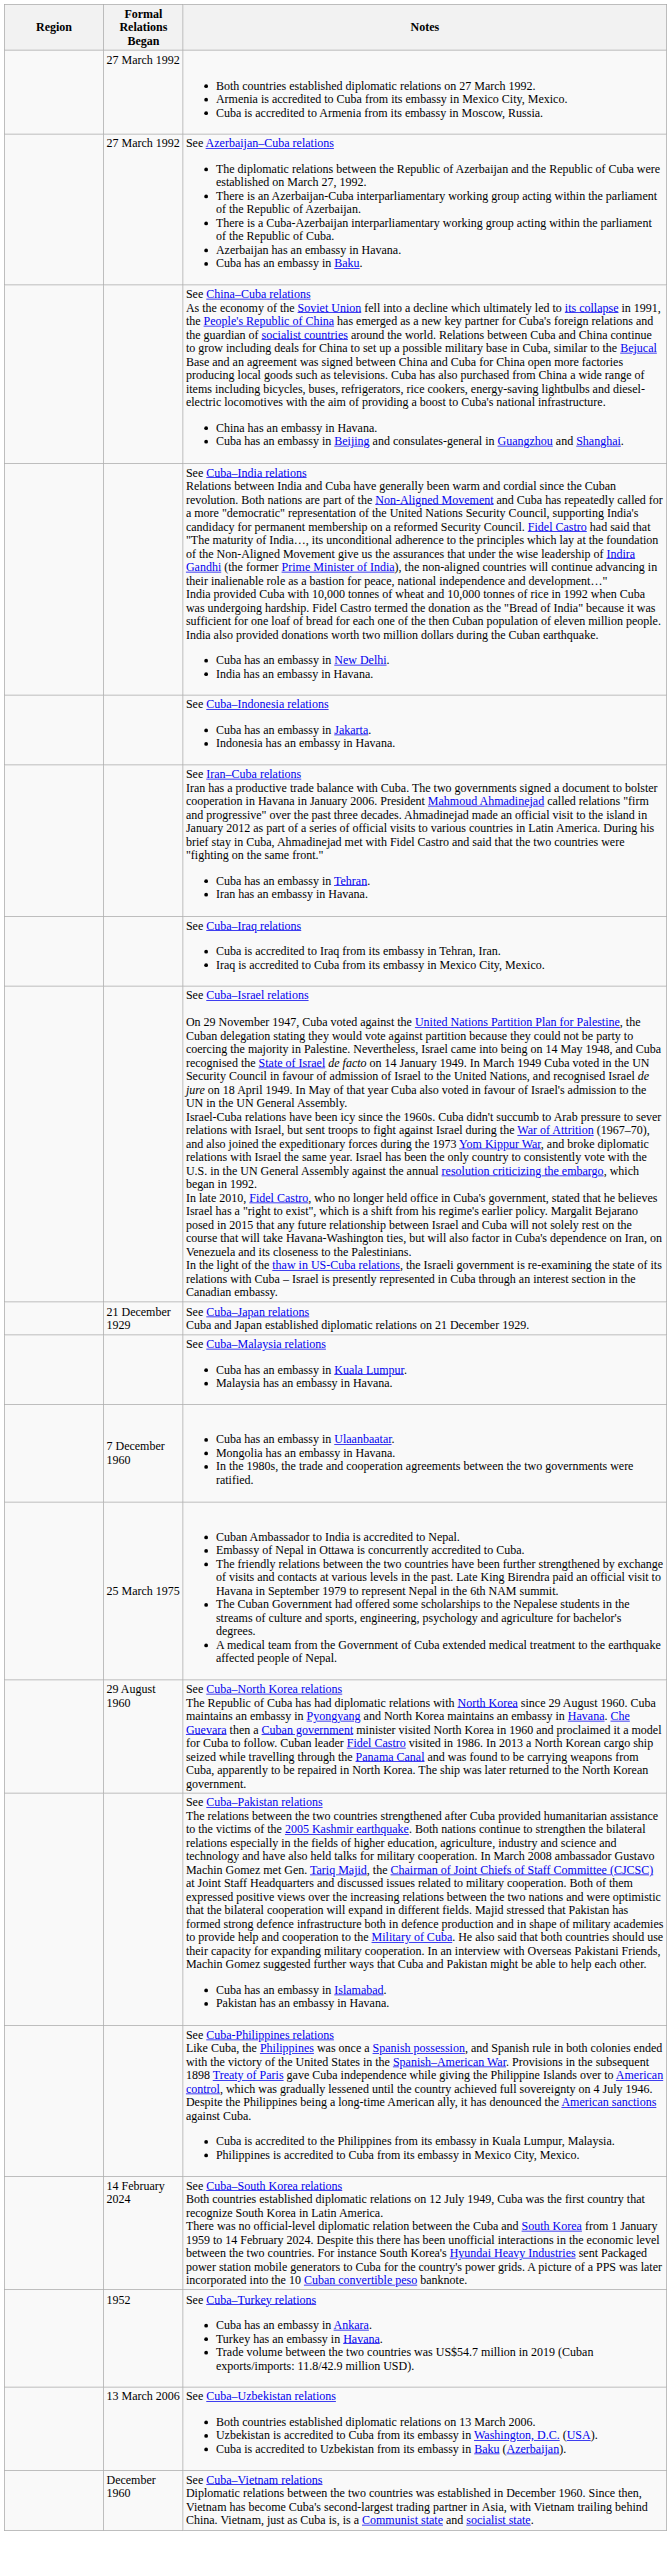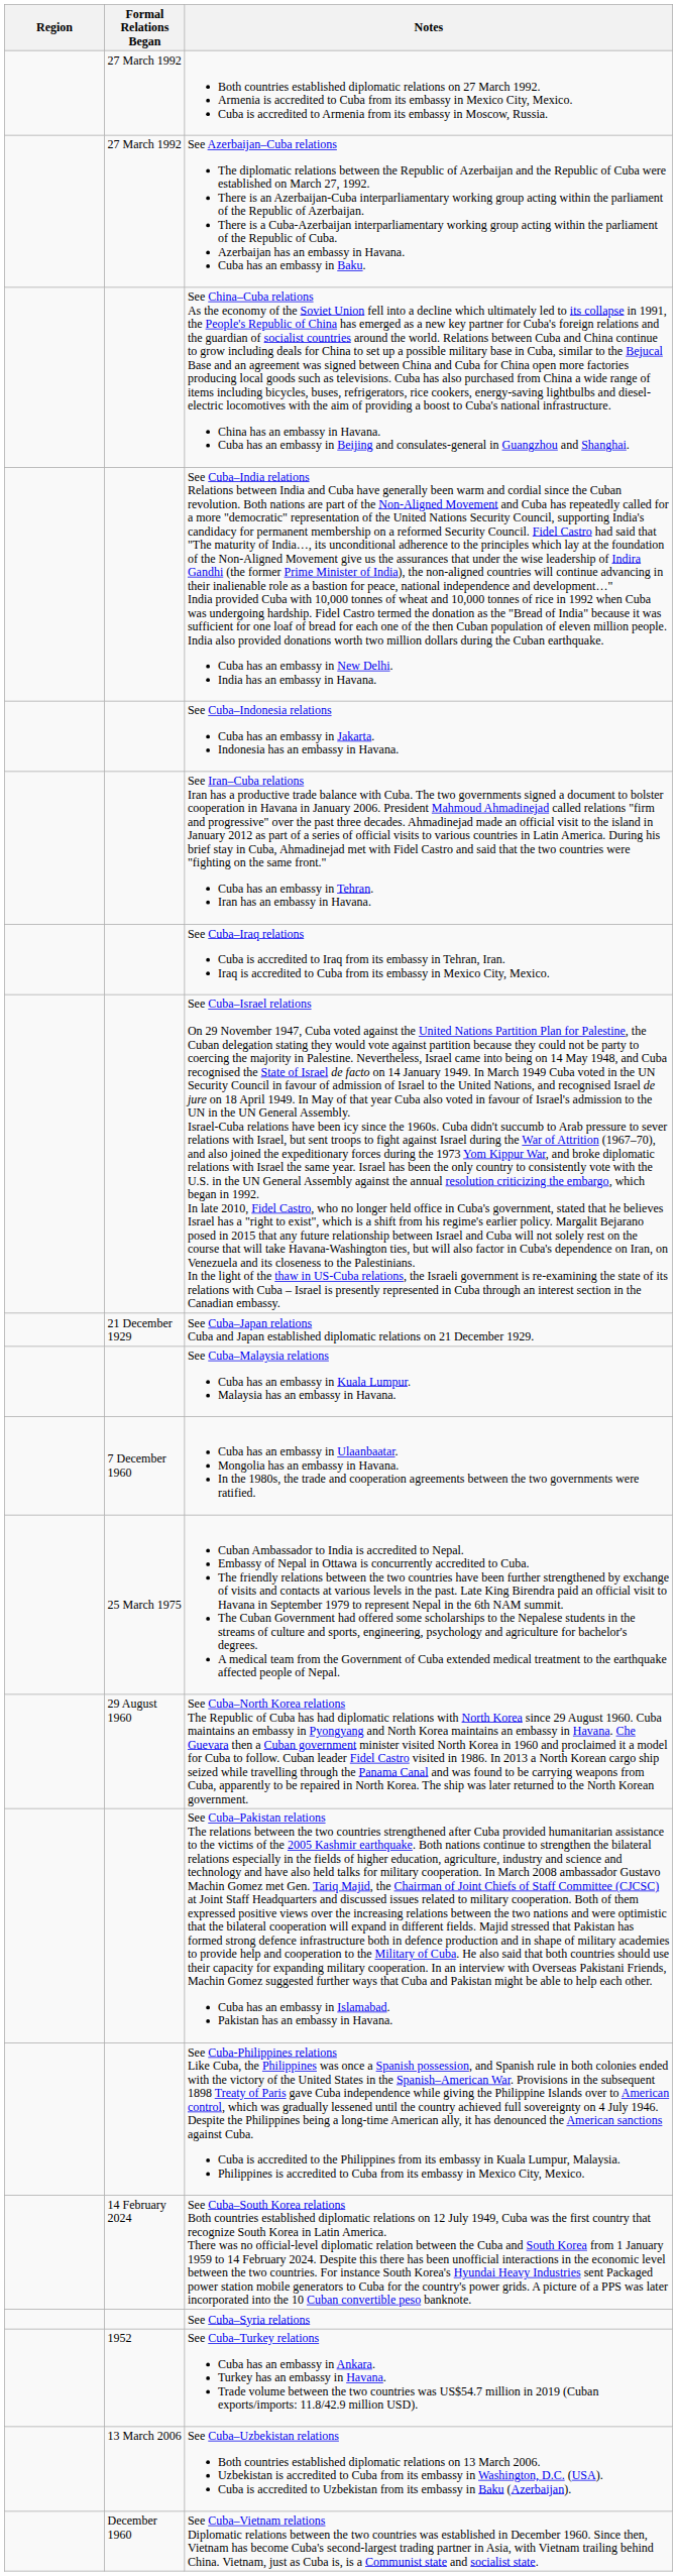 <table class="wikitable sortable" style="width:100%; margin:auto;">
 <tr>
 <th style="width:15%;">Region</th>
 <th style="width:12%;">Formal Relations Began</th>
 <th>Notes</th>
 </tr>
 <tr valign="top">
 <td></td>
 <td>27 March 1992</td>
 <td><br><ul><li>Both countries established diplomatic relations on 27 March 1992.</li><li>Armenia is accredited to Cuba from its embassy in Mexico City, Mexico.</li><li>Cuba is accredited to Armenia from its embassy in Moscow, Russia.</li></ul></td>
 </tr>
 <tr valign="top">
 <td></td>
 <td>27 March 1992</td>
 <td>See <a href='#'>Azerbaijan–Cuba relations</a><br><ul><li>The diplomatic relations between the Republic of Azerbaijan and the Republic of Cuba were established on March 27, 1992.</li><li>There is an Azerbaijan-Cuba interparliamentary working group acting within the parliament of the Republic of Azerbaijan.</li><li>There is a Cuba-Azerbaijan interparliamentary working group acting within the parliament of the Republic of Cuba.</li><li>Azerbaijan has an embassy in Havana.</li><li>Cuba has an embassy in <a href='#'>Baku</a>.</li></ul></td>
 </tr>
 <tr valign="top">
 <td></td>
 <td></td>
 <td>See <a href='#'>China–Cuba relations</a><br>As the economy of the <a href='#'>Soviet Union</a> fell into a decline which ultimately led to <a href='#'>its collapse</a> in 1991, the <a href='#'>People's Republic of China</a> has emerged as a new key partner for Cuba's foreign relations and the guardian of <a href='#'>socialist countries</a> around the world. Relations between Cuba and China continue to grow including deals for China to set up a possible military base in Cuba, similar to the <a href='#'>Bejucal</a> Base and an agreement was signed between China and Cuba for China open more factories producing local goods such as televisions. Cuba has also purchased from China a wide range of items including bicycles, buses, refrigerators, rice cookers, energy-saving lightbulbs and diesel-electric locomotives with the aim of providing a boost to Cuba's national infrastructure.<ul><li>China has an embassy in Havana.</li><li>Cuba has an embassy in <a href='#'>Beijing</a> and consulates-general in <a href='#'>Guangzhou</a> and <a href='#'>Shanghai</a>.</li></ul></td>
 </tr>
 <tr valign="top">
 <td></td>
 <td></td>
 <td>See <a href='#'>Cuba–India relations</a><br>Relations between India and Cuba have generally been warm and cordial since the Cuban revolution. Both nations are part of the <a href='#'>Non-Aligned Movement</a> and Cuba has repeatedly called for a more "democratic" representation of the United Nations Security Council, supporting India's candidacy for permanent membership on a reformed Security Council. <a href='#'>Fidel Castro</a> had said that  "The maturity of India…, its unconditional adherence to the principles which lay at the foundation of the Non-Aligned Movement give us the assurances that under the wise leadership of <a href='#'>Indira Gandhi</a> (the former <a href='#'>Prime Minister of India</a>), the non-aligned countries will continue advancing in their inalienable role as a bastion for peace, national independence and development…" <br>India provided Cuba with 10,000 tonnes of wheat and 10,000 tonnes of rice in 1992 when Cuba was undergoing hardship. Fidel Castro termed the donation as the "Bread of India" because it was sufficient for one loaf of bread for each one of the then Cuban population of eleven million people. India also provided donations worth two million dollars during the Cuban earthquake.<ul><li>Cuba has an embassy in <a href='#'>New Delhi</a>.</li><li>India has an embassy in Havana.</li></ul></td>
 </tr>
 <tr valign="top">
 <td></td>
 <td></td>
 <td>See <a href='#'>Cuba–Indonesia relations</a><br><ul><li>Cuba has an embassy in <a href='#'>Jakarta</a>.</li><li>Indonesia has an embassy in Havana.</li></ul></td>
 </tr>
 <tr valign="top">
 <td></td>
 <td></td>
 <td>See <a href='#'>Iran–Cuba relations</a><br>Iran has a productive trade balance with Cuba. The two governments signed a document to bolster cooperation in Havana in January 2006. President <a href='#'>Mahmoud Ahmadinejad</a> called relations "firm and progressive" over the past three decades.  Ahmadinejad made an official visit to the island in January 2012 as part of a series of official visits to various countries in Latin America.  During his brief stay in Cuba, Ahmadinejad met with Fidel Castro and said that the two countries were "fighting on the same front."<ul><li>Cuba has an embassy in <a href='#'>Tehran</a>.</li><li>Iran has an embassy in Havana.</li></ul></td>
 </tr>
 <tr valign="top">
 <td></td>
 <td></td>
 <td>See <a href='#'>Cuba–Iraq relations</a><br><ul><li>Cuba is accredited to Iraq from its embassy in Tehran, Iran.</li><li>Iraq is accredited to Cuba from its embassy in Mexico City, Mexico.</li></ul></td>
 </tr>
 <tr valign="top">
 <td></td>
 <td></td>
 <td>See <a href='#'>Cuba–Israel relations</a><br><br>On 29 November 1947, Cuba voted against the <a href='#'>United Nations Partition Plan for Palestine</a>, the Cuban delegation stating they would vote against partition because they could not be party to coercing the majority in Palestine. Nevertheless, Israel came into being on 14 May 1948, and Cuba recognised the <a href='#'>State of Israel</a> <em>de facto</em> on 14 January 1949. In March 1949 Cuba voted in the UN Security Council in favour of admission of Israel to the United Nations, and recognised Israel <em>de jure</em> on 18 April 1949. In May of that year Cuba also voted in favour of Israel's admission to the UN in the UN General Assembly.<br>Israel-Cuba relations have been icy since the 1960s. Cuba didn't succumb to Arab pressure to sever relations with Israel,  but sent troops to fight against Israel during the <a href='#'>War of Attrition</a> (1967–70), and also joined the expeditionary forces during the 1973 <a href='#'>Yom Kippur War</a>, and broke diplomatic relations with Israel the same year. Israel has been the only country to consistently vote with the U.S. in the UN General Assembly against the annual <a href='#'>resolution criticizing the embargo</a>, which began in 1992.<br>In late 2010, <a href='#'>Fidel Castro</a>, who no longer held office in Cuba's government, stated that he believes Israel has a "right to exist", which is a shift from his regime's earlier policy. Margalit Bejarano posed in 2015 that any future relationship between Israel and Cuba will not solely rest on the course that will take Havana-Washington ties, but will also factor in Cuba's dependence on Iran, on Venezuela and its closeness to the Palestinians.<br>In the light of the <a href='#'>thaw in US-Cuba relations</a>, the Israeli government is re-examining the state of its relations with Cuba – Israel is presently represented in Cuba through an interest section in the Canadian embassy.</td>
 </tr>
 <tr valign="top">
 <td></td>
 <td>21 December 1929</td>
 <td>See <a href='#'>Cuba–Japan relations</a><br>Cuba and Japan established diplomatic relations on 21 December 1929.</td>
 </tr>
 <tr valign="top">
 <td></td>
 <td></td>
 <td>See <a href='#'>Cuba–Malaysia relations</a><br><ul><li>Cuba has an embassy in <a href='#'>Kuala Lumpur</a>.</li><li>Malaysia has an embassy in Havana.</li></ul></td>
 </tr>
 <tr>
 <td></td>
 <td>7 December 1960</td>
 <td><br><ul><li>Cuba has an embassy in <a href='#'>Ulaanbaatar</a>.</li><li>Mongolia has an embassy in Havana.</li><li>In the 1980s, the trade and cooperation agreements between the two governments were ratified.</li></ul></td>
 </tr>
 <tr>
 <td></td>
 <td>25 March 1975</td>
 <td><br><ul><li>Cuban Ambassador to India is accredited to Nepal.</li><li>Embassy of Nepal in Ottawa is concurrently accredited to Cuba.</li><li>The friendly relations between the two countries have been further strengthened by exchange of visits and contacts at various levels in the past. Late King Birendra paid an official visit to Havana in September 1979 to represent Nepal in the 6th NAM summit.</li><li>The Cuban Government had offered some scholarships to the Nepalese students in the streams of culture and sports, engineering, psychology and agriculture for bachelor's degrees.</li><li>A medical team from the Government of Cuba extended medical treatment to the earthquake affected people of Nepal.</li></ul></td>
 </tr>
 <tr valign="top">
 <td></td>
 <td>29 August 1960</td>
 <td>See <a href='#'>Cuba–North Korea relations</a><br>The Republic of Cuba has had diplomatic relations with <a href='#'>North Korea</a> since 29 August 1960. Cuba maintains an embassy in <a href='#'>Pyongyang</a> and North Korea maintains an embassy in <a href='#'>Havana</a>. <a href='#'>Che Guevara</a> then a <a href='#'>Cuban government</a> minister visited North Korea in 1960 and proclaimed it a model for Cuba to follow. Cuban leader <a href='#'>Fidel Castro</a> visited in 1986. In 2013 a North Korean cargo ship seized while travelling through the <a href='#'>Panama Canal</a> and was found to be carrying weapons from Cuba, apparently to be repaired in North Korea. The ship was later returned to the North Korean government.</td>
 </tr>
 <tr valign="top">
 <td></td>
 <td></td>
 <td>See <a href='#'>Cuba–Pakistan relations</a><br>The relations between the two countries strengthened after Cuba provided humanitarian assistance to the victims of the <a href='#'>2005 Kashmir earthquake</a>. Both nations continue to strengthen the bilateral relations especially in the fields of higher education, agriculture, industry and science and technology and have also held talks for military cooperation. In March 2008 ambassador Gustavo Machin Gomez met Gen. <a href='#'>Tariq Majid</a>, the <a href='#'>Chairman of Joint Chiefs of Staff Committee (CJCSC)</a> at Joint Staff Headquarters and discussed issues related to military cooperation. Both of them expressed positive views over the increasing relations between the two nations and were optimistic that the bilateral cooperation will expand in different fields. Majid stressed that Pakistan has formed strong defence infrastructure both in defence production and in shape of military academies to provide help and cooperation to the <a href='#'>Military of Cuba</a>. He also said that both countries should use their capacity for expanding military cooperation. In an interview with Overseas Pakistani Friends, Machin Gomez suggested further ways that Cuba and Pakistan might be able to help each other.<ul><li>Cuba has an embassy in <a href='#'>Islamabad</a>.</li><li>Pakistan has an embassy in Havana.</li></ul></td>
 </tr>
 <tr valign="top">
 <td></td>
 <td></td>
 <td>See <a href='#'>Cuba-Philippines relations</a><br>Like Cuba, the <a href='#'>Philippines</a> was once a <a href='#'>Spanish possession</a>, and Spanish rule in both colonies ended with the victory of the United States in the <a href='#'>Spanish–American War</a>. Provisions in the subsequent 1898 <a href='#'>Treaty of Paris</a> gave Cuba independence while giving the Philippine Islands over to <a href='#'>American control</a>, which was gradually lessened until the country achieved full sovereignty on 4 July 1946. Despite the Philippines being a long-time American ally, it has denounced the <a href='#'>American sanctions</a> against Cuba.<ul><li>Cuba is accredited to the Philippines from its embassy in Kuala Lumpur, Malaysia.</li><li>Philippines is accredited to Cuba from its embassy in Mexico City, Mexico.</li></ul></td>
 </tr>
 <tr valign="top">
 <td></td>
 <td>14 February 2024</td>
 <td>See <a href='#'>Cuba–South Korea relations</a><br>Both countries established diplomatic relations on 12 July 1949, Cuba was the first country that recognize South Korea in Latin America.<br>There was no official-level diplomatic relation between the Cuba and <a href='#'>South Korea</a> from 1 January 1959 to 14 February 2024. Despite this there has been unofficial interactions in the economic level between the two countries. For instance South Korea's <a href='#'>Hyundai Heavy Industries</a> sent Packaged power station mobile generators to Cuba for the country's power grids. A picture of a PPS was later incorporated into the 10 <a href='#'>Cuban convertible peso</a> banknote.</td>
 </tr>
 <tr valign="top">
 <td></td>
+<td></td>
+<td>See <a href='#'>Cuba–Syria relations</a></td>
+</tr>
+<tr valign="top">
+<td></td>
 <td> 1952</td>
 <td>See <a href='#'>Cuba–Turkey relations</a><br><ul><li>Cuba has an embassy in <a href='#'>Ankara</a>.</li><li>Turkey has an embassy in <a href='#'>Havana</a>.</li><li>Trade volume between the two countries was US$54.7 million in 2019 (Cuban exports/imports: 11.8/42.9 million USD).</li></ul></td>
 </tr>
 <tr valign="top">
 <td></td>
 <td>13 March 2006</td>
 <td>See <a href='#'>Cuba–Uzbekistan relations</a><br><ul><li>Both countries established diplomatic relations on 13 March 2006.</li><li>Uzbekistan is accredited to Cuba from its embassy in <a href='#'>Washington, D.C.</a> (<a href='#'>USA</a>).</li><li>Cuba is accredited to Uzbekistan from its embassy in <a href='#'>Baku</a> (<a href='#'>Azerbaijan</a>).</li></ul></td>
 </tr>
 <tr valign="top">
 <td></td>
 <td>December 1960</td>
 <td>See <a href='#'>Cuba–Vietnam relations</a><br>Diplomatic relations between the two countries was established in December 1960. Since then, Vietnam has become Cuba's second-largest trading partner in Asia, with Vietnam trailing behind China. Vietnam, just as Cuba is, is a <a href='#'>Communist state</a> and <a href='#'>socialist state</a>.</td>
 </tr>
 </table>
